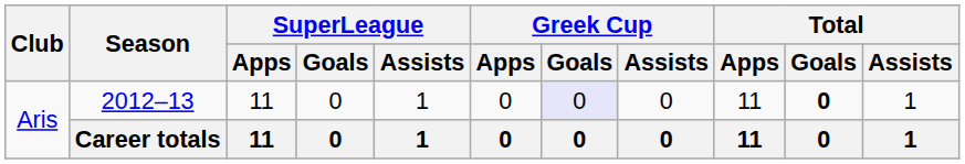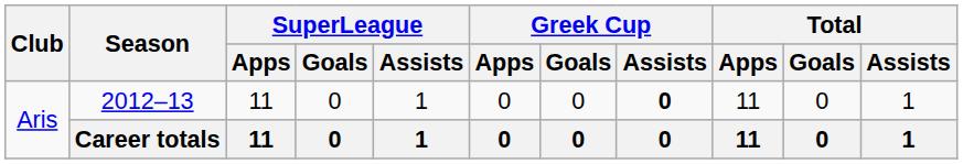 <table class="wikitable" style="font-size:88%; text-align: center">
 <tr>
 <th rowspan=2>Club</th>
 <th rowspan=2>Season</th>
 <th colspan=3><a href='#'>SuperLeague</a></th>
 <th colspan=3><a href='#'>Greek Cup</a></th>
 <th colspan=3>Total</th>
 </tr>
 <tr>
 <th>Apps</th>
 <th>Goals</th>
 <th>Assists</th>
 <th>Apps</th>
 <th>Goals</th>
 <th>Assists</th>
 <th>Apps</th>
 <th>Goals</th>
 <th>Assists</th>
 </tr>
 <tr>
 <td rowspan=7><a href='#'>Aris</a></td>
 <td><a href='#'>2012–13</a></td>
 <td>11</td>
 <td>0</td>
 <td>1</td>
 <td>0</td>
-<td style="background: lavender;">0</td>
 <td>0</td>
+<td><strong>0</strong></td>
 <td>11</td>
-<td><strong>0</strong></td>
+<td>0</td>
 <td>1</td>
 </tr>
 <tr>
 <th>Career totals</th>
 <th>11</th>
 <th>0</th>
 <th>1</th>
 <th>0</th>
 <th>0</th>
 <th>0</th>
 <th>11</th>
 <th>0</th>
 <th>1</th>
 </tr>
 </table>
